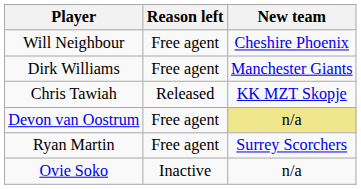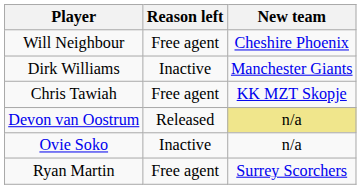 <table class="wikitable sortable sortable" style="text-align: center">
 <tr>
 <th>Player</th>
 <th>Reason left</th>
 <th>New team</th>
 </tr>
 <tr>
 <td>Will Neighbour</td>
 <td>Free agent</td>
 <td><a href='#'>Cheshire Phoenix</a></td>
 </tr>
 <tr>
 <td>Dirk Williams</td>
-<td>Free agent</td>
+<td>Inactive</td>
 <td><a href='#'>Manchester Giants</a></td>
 </tr>
 <tr>
 <td>Chris Tawiah</td>
-<td>Released</td>
+<td>Free agent</td>
 <td><a href='#'>KK MZT Skopje</a></td>
 </tr>
 <tr>
 <td><a href='#'>Devon van Oostrum</a></td>
-<td>Free agent</td>
+<td>Released</td>
 <td style="background: khaki;">n/a</td>
+</tr>
+<tr>
+<td><a href='#'>Ovie Soko</a></td>
+<td>Inactive</td>
+<td>n/a</td>
 </tr>
 <tr>
 <td>Ryan Martin</td>
 <td>Free agent</td>
 <td><a href='#'>Surrey Scorchers</a></td>
 </tr>
-<tr>
-<td><a href='#'>Ovie Soko</a></td>
-<td>Inactive</td>
-<td>n/a</td>
-</tr>
 </table>
